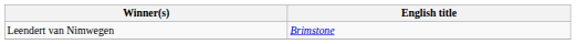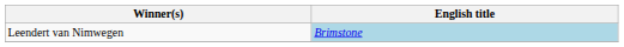 <table class="wikitable" width="95%" cellpadding="5">
 <tr>
 <th width="18%">Winner(s)</th>
 <th width="18%">English title</th>
 </tr>
 <tr>
 <td> Leendert van Nimwegen</td>
-<td><em><a href='#'>Brimstone</a></em></td>
+<td style="background: lightblue;"><em><a href='#'>Brimstone</a></em></td>
 </tr>
 <tr>
 </tr>
 </table>
